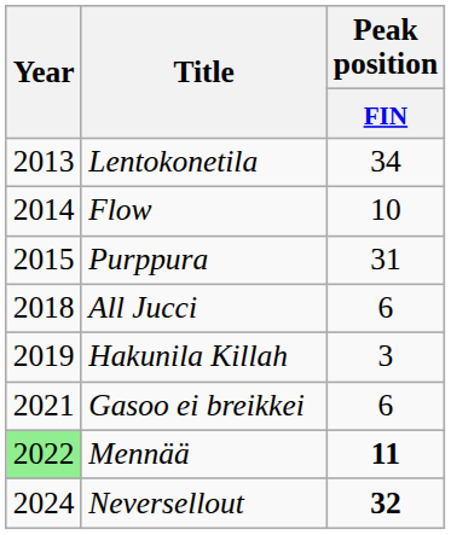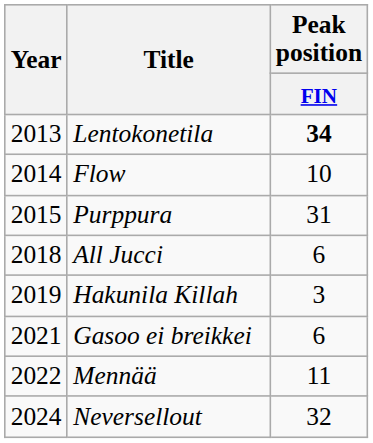 <table class="wikitable">
 <tr>
 <th align="center" rowspan="2">Year</th>
 <th align="center" rowspan="2" width="120">Title</th>
 <th align="center" colspan="1">Peak position</th>
 </tr>
 <tr>
 <th width="20"><small><a href='#'>FIN</a></small><br></th>
 </tr>
 <tr>
 <td align="center">2013</td>
 <td><em>Lentokonetila</em></td>
-<td align="center">34</td>
+<td align="center"><strong>34</strong></td>
 </tr>
 <tr>
 <td align="center">2014</td>
 <td><em>Flow</em></td>
 <td align="center">10</td>
 </tr>
 <tr>
 <td align="center">2015</td>
 <td><em>Purppura</em></td>
 <td align="center">31<br></td>
 </tr>
 <tr>
 <td align="center">2018</td>
 <td><em>All Jucci</em></td>
 <td align="center">6<br></td>
 </tr>
 <tr>
 <td align="center">2019</td>
 <td><em>Hakunila Killah</em></td>
 <td align="center">3<br></td>
 </tr>
 <tr>
 <td align="center">2021</td>
 <td><em>Gasoo ei breikkei</em></td>
 <td align="center">6<br></td>
 </tr>
 <tr>
-<td align="center" style="background: lightgreen;">2022</td>
+<td align="center">2022</td>
 <td><em>Mennää</em></td>
-<td align="center"><strong>11<br></strong></td>
+<td align="center">11<br></td>
 </tr>
 <tr>
 <td align="center">2024</td>
 <td><em>Neversellout</em></td>
-<td align="center"><strong>32<br></strong></td>
+<td align="center">32<br></td>
 </tr>
 </table>
